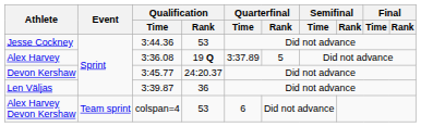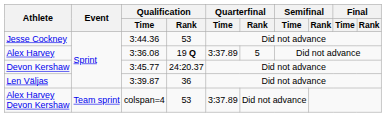 <table class="wikitable" style="font-size:90%">
 <tr>
 <th rowspan="2">Athlete</th>
 <th rowspan="2">Event</th>
 <th colspan="2">Qualification</th>
 <th colspan="2">Quarterfinal</th>
 <th colspan="2">Semifinal</th>
 <th colspan="2">Final</th>
 </tr>
 <tr style="font-size:95%">
 <th>Time</th>
 <th>Rank</th>
 <th>Time</th>
 <th>Rank</th>
 <th>Time</th>
 <th>Rank</th>
 <th>Time</th>
 <th>Rank</th>
 </tr>
 <tr align=center>
 <td align=left><a href='#'>Jesse Cockney</a></td>
 <td align=left rowspan=4><a href='#'>Sprint</a></td>
 <td>3:44.36</td>
 <td>53</td>
 <td colspan=6>Did not advance</td>
 </tr>
 <tr align=center>
 <td align=left><a href='#'>Alex Harvey</a></td>
 <td>3:36.08</td>
 <td>19 <strong>Q</strong></td>
 <td>3:37.89</td>
 <td>5</td>
 <td colspan=4>Did not advance</td>
 </tr>
 <tr align=center>
 <td align=left><a href='#'>Devon Kershaw</a></td>
 <td>3:45.77</td>
 <td>24:20.37</td>
 <td colspan=6>Did not advance</td>
 </tr>
 <tr align=center>
 <td align=left><a href='#'>Len Väljas</a></td>
 <td>3:39.87</td>
 <td>36</td>
 <td colspan=6>Did not advance</td>
 </tr>
 <tr align=center>
 <td align=left><a href='#'>Alex Harvey</a><br><a href='#'>Devon Kershaw</a></td>
 <td align=left><a href='#'>Team sprint</a></td>
 <td>colspan=4 </td>
 <td>53</td>
-<td>6</td>
+<td>3:37.89</td>
 <td colspan=2>Did not advance</td>
 </tr>
 </table>
